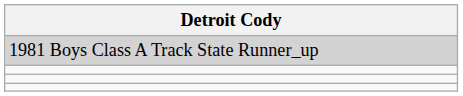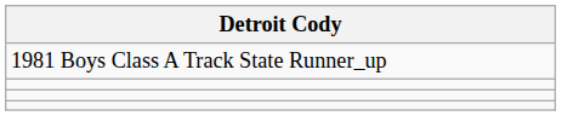 <table class="wikitable collapsible collapsed" style="min-width:25em; font-size:88%;">
 <tr>
 <th colspan="2">Detroit Cody</th>
 </tr>
 <tr>
-<td style="background: lightgrey;">1981 Boys Class A Track State Runner_up</td>
+<td>1981 Boys Class A Track State Runner_up</td>
 </tr>
 <tr>
 <td></td>
 </tr>
 <tr>
 <td></td>
 </tr>
 <tr>
 <td></td>
 </tr>
 </table>
